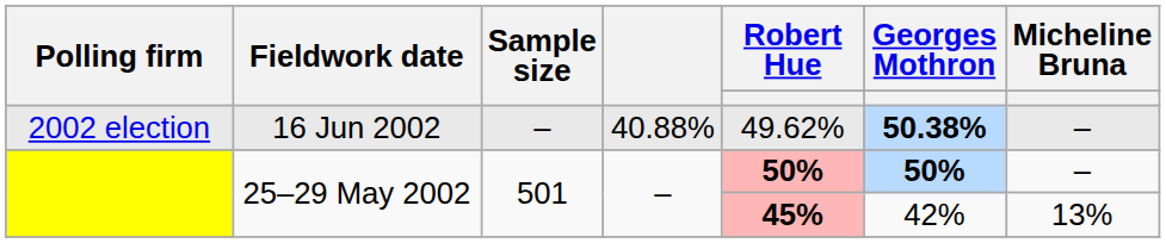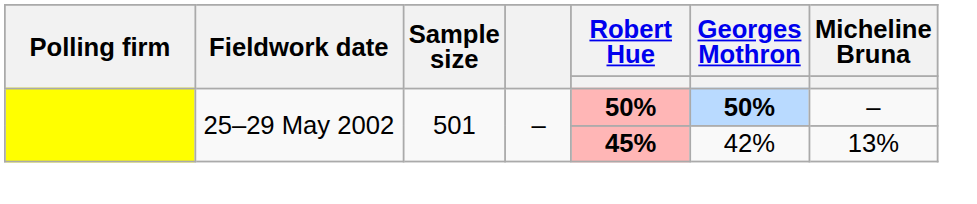 <table class="wikitable sortable" style="text-align:center;font-size:90%;line-height:14px;">
 <tr style="height:40px;">
 <th style="width:100px;" rowspan="2">Polling firm</th>
 <th style="width:110px;" rowspan="2">Fieldwork date</th>
 <th style="width:35px;" rowspan="2">Sample<br>size</th>
 <th style="width:30px;" rowspan="2"></th>
 <th class="unsortable" style="width:60px;"><a href='#'>Robert Hue</a><br></th>
 <th class="unsortable" style="width:60px;"><a href='#'>Georges Mothron</a><br></th>
 <th class="unsortable" style="width:60px;">Micheline Bruna<br></th>
 </tr>
 <tr>
 <th style="background:"></th>
 <th style="background:"></th>
 <th style="background:"></th>
-</tr>
-<tr style="background:#E9E9E9;">
-<td><a href='#'>2002 election</a></td>
-<td data-sort-value="2002-06-16">16 Jun 2002</td>
-<td>–</td>
-<td>40.88%</td>
-<td>49.62%</td>
-<td style="background:#B9DAFF;"><strong>50.38%</strong></td>
-<td>–</td>
 </tr>
 <tr>
 <td rowspan="2" style="background:yellow;"></td>
 <td rowspan="2" data-sort-value="2002-05-29">25–29 May 2002</td>
 <td rowspan="2">501</td>
 <td rowspan="2">–</td>
 <td style="background:#FFB6B6;"><strong>50%</strong></td>
 <td style="background:#B9DAFF;"><strong>50%</strong></td>
 <td>–</td>
 </tr>
 <tr>
 <td style="background:#FFB6B6;"><strong>45%</strong></td>
 <td>42%</td>
 <td>13%</td>
 </tr>
 </table>
